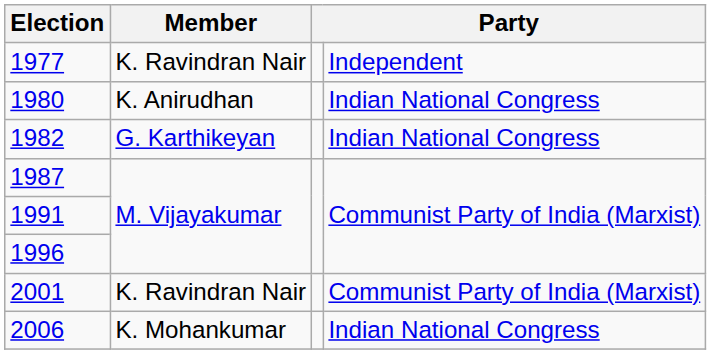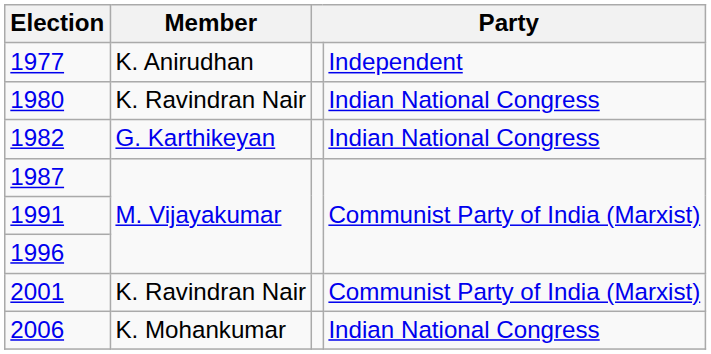 <table class="wikitable sortable">
 <tr>
 <th>Election</th>
 <th>Member</th>
 <th colspan="2">Party</th>
 </tr>
 <tr>
 <td><a href='#'>1977</a></td>
-<td>K. Ravindran Nair</td>
+<td>K. Anirudhan</td>
 <td style="background-color: "></td>
 <td><a href='#'>Independent</a></td>
 </tr>
 <tr>
 <td><a href='#'>1980</a></td>
-<td>K. Anirudhan</td>
+<td>K. Ravindran Nair</td>
 <td style="background-color: "></td>
 <td><a href='#'>Indian National Congress</a></td>
 </tr>
 <tr>
 <td><a href='#'>1982</a></td>
 <td><a href='#'>G. Karthikeyan</a></td>
 <td style="background-color: "></td>
 <td><a href='#'>Indian National Congress</a></td>
 </tr>
 <tr>
 <td><a href='#'>1987</a></td>
 <td rowspan="3"><a href='#'>M. Vijayakumar</a></td>
 <td rowspan="3" style="background-color: "></td>
 <td rowspan="3"><a href='#'>Communist Party of India (Marxist)</a></td>
 </tr>
 <tr>
 <td><a href='#'>1991</a></td>
 </tr>
 <tr>
 <td><a href='#'>1996</a></td>
 </tr>
 <tr>
 <td><a href='#'>2001</a></td>
 <td>K. Ravindran Nair</td>
 <td style="background-color: "></td>
 <td><a href='#'>Communist Party of India (Marxist)</a></td>
 </tr>
 <tr>
 <td><a href='#'>2006</a></td>
 <td>K. Mohankumar</td>
 <td style="background-color: "></td>
 <td><a href='#'>Indian National Congress</a></td>
 </tr>
 </table>
